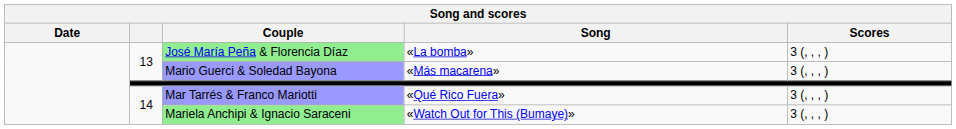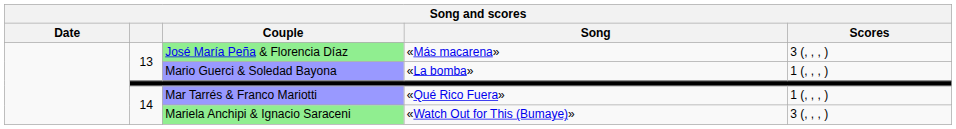 <table class="wikitable collapsible collapsed" style="text-align: align; width: 100%">
 <tr>
 <th colspan="11" style="with: 100%" align="center">Song and scores</th>
 </tr>
 <tr>
 <th width=90>Date</th>
 <th width=15></th>
 <th width=180>Couple</th>
 <th width=290>Song</th>
 <th width=120>Scores</th>
 </tr>
 <tr>
 <td rowspan="5"></td>
 <td rowspan="2" align="center">13</td>
 <td bgcolor="lightgreen"><a href='#'>José María Peña</a> & Florencia Díaz</td>
-<td>«<a href='#'>La bomba</a>» </td>
+<td>«<a href='#'>Más macarena</a>» </td>
 <td>3 (, , , )</td>
 </tr>
 <tr>
 <td bgcolor="#9999FF">Mario Guerci & Soledad Bayona</td>
-<td>«<a href='#'>Más macarena</a>» </td>
-<td>3 (, , , )</td>
+<td>«<a href='#'>La bomba</a>» </td>
+<td>1 (, , , )</td>
 </tr>
 <tr>
 <td style="background:black" colspan=10></td>
 </tr>
 <tr>
 <td rowspan="2" align="center">14</td>
 <td bgcolor="#9999FF">Mar Tarrés & Franco Mariotti</td>
 <td>«<a href='#'>Qué Rico Fuera</a>» </td>
-<td>3 (, , , )</td>
+<td>1 (, , , )</td>
 </tr>
 <tr>
 <td bgcolor="lightgreen">Mariela Anchipi & Ignacio Saraceni</td>
 <td>«<a href='#'>Watch Out for This (Bumaye)</a>» </td>
 <td>3 (, , , )</td>
 </tr>
 </table>
